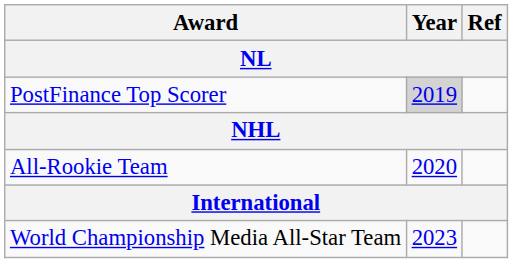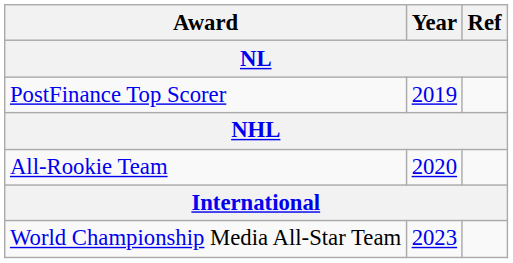 <table class="wikitable">
 <tr>
 <th>Award</th>
 <th>Year</th>
 <th>Ref</th>
 </tr>
 <tr>
 <th colspan="3"><a href='#'>NL</a></th>
 </tr>
 <tr>
 <td><a href='#'>PostFinance Top Scorer</a></td>
-<td style="background: lightgrey;"><a href='#'>2019</a></td>
+<td><a href='#'>2019</a></td>
 <td></td>
 </tr>
 <tr>
 <th colspan="3"><a href='#'>NHL</a></th>
 </tr>
 <tr>
 <td><a href='#'>All-Rookie Team</a></td>
 <td><a href='#'>2020</a></td>
 <td></td>
 </tr>
 <tr>
 <th colspan="3"><a href='#'>International</a></th>
 </tr>
 <tr>
 <td><a href='#'>World Championship</a> Media All-Star Team</td>
 <td><a href='#'>2023</a></td>
 <td></td>
 </tr>
 </table>
